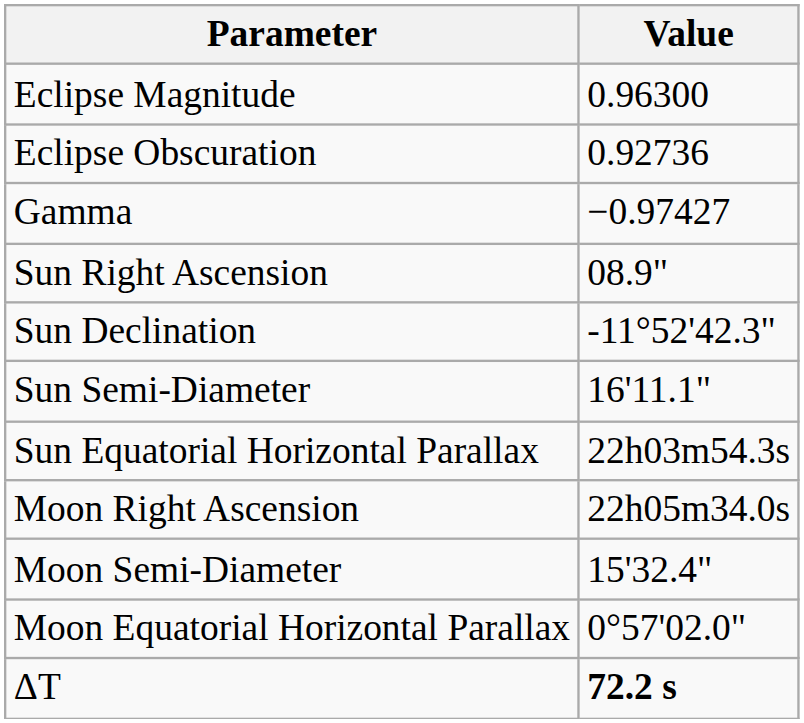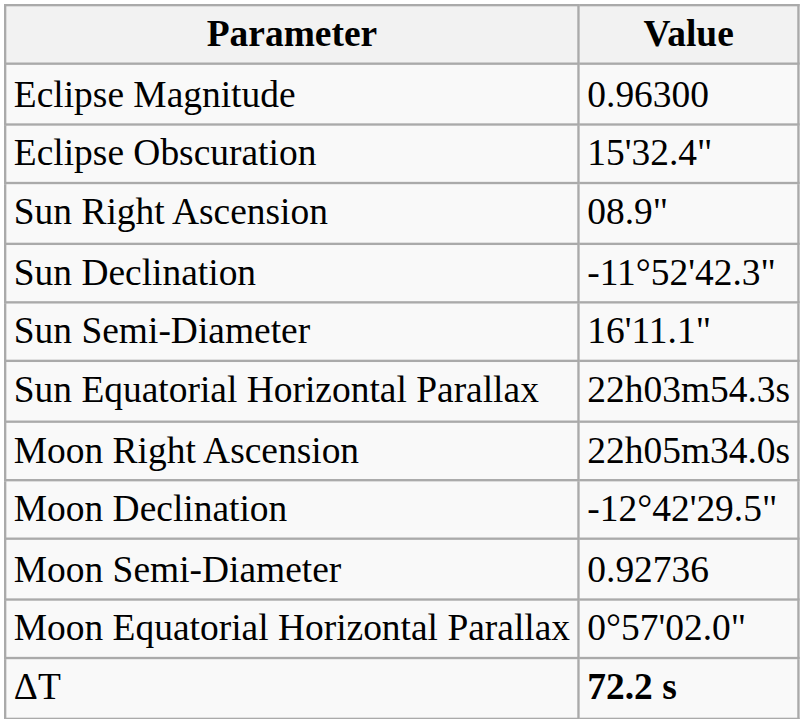 <table class="wikitable">
 <tr>
 <th>Parameter</th>
 <th>Value</th>
 </tr>
 <tr>
 <td>Eclipse Magnitude</td>
 <td>0.96300</td>
 </tr>
 <tr>
 <td>Eclipse Obscuration</td>
-<td>0.92736</td>
-</tr>
-<tr>
-<td>Gamma</td>
-<td>−0.97427</td>
+<td>15'32.4"</td>
 </tr>
 <tr>
 <td>Sun Right Ascension</td>
 <td>08.9"</td>
 </tr>
 <tr>
 <td>Sun Declination</td>
 <td>-11°52'42.3"</td>
 </tr>
 <tr>
 <td>Sun Semi-Diameter</td>
 <td>16'11.1"</td>
 </tr>
 <tr>
 <td>Sun Equatorial Horizontal Parallax</td>
 <td>22h03m54.3s</td>
 </tr>
 <tr>
 <td>Moon Right Ascension</td>
 <td>22h05m34.0s</td>
 </tr>
 <tr>
+<td>Moon Declination</td>
+<td>-12°42'29.5"</td>
+</tr>
+<tr>
 <td>Moon Semi-Diameter</td>
-<td>15'32.4"</td>
+<td>0.92736</td>
 </tr>
 <tr>
 <td>Moon Equatorial Horizontal Parallax</td>
 <td>0°57'02.0"</td>
 </tr>
 <tr>
 <td>ΔT</td>
 <td><strong>72.2 s</strong></td>
 </tr>
 </table>
